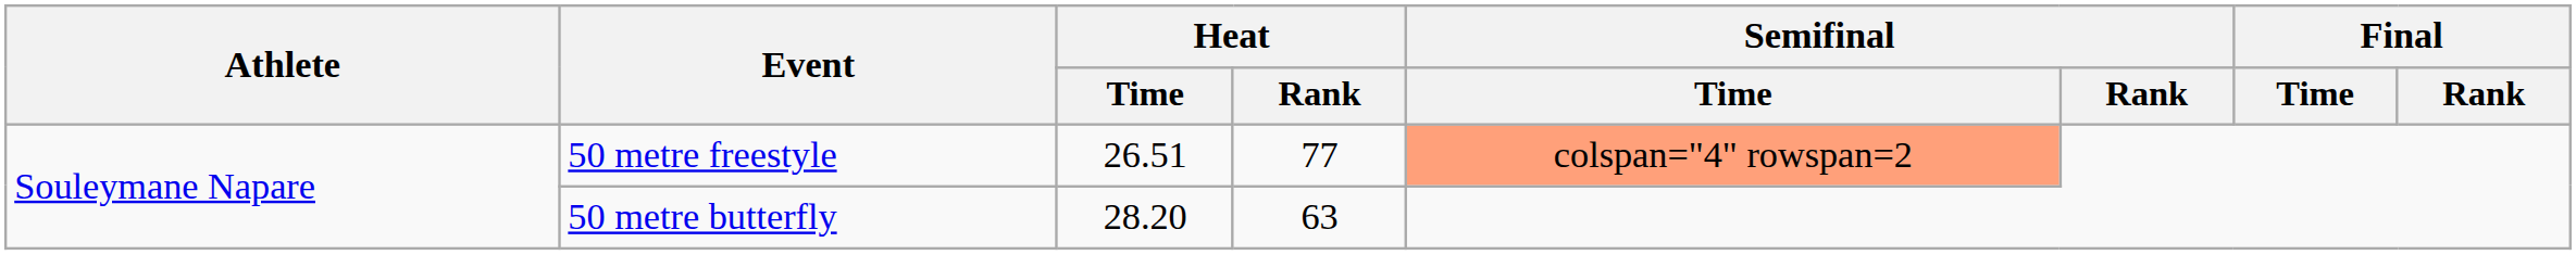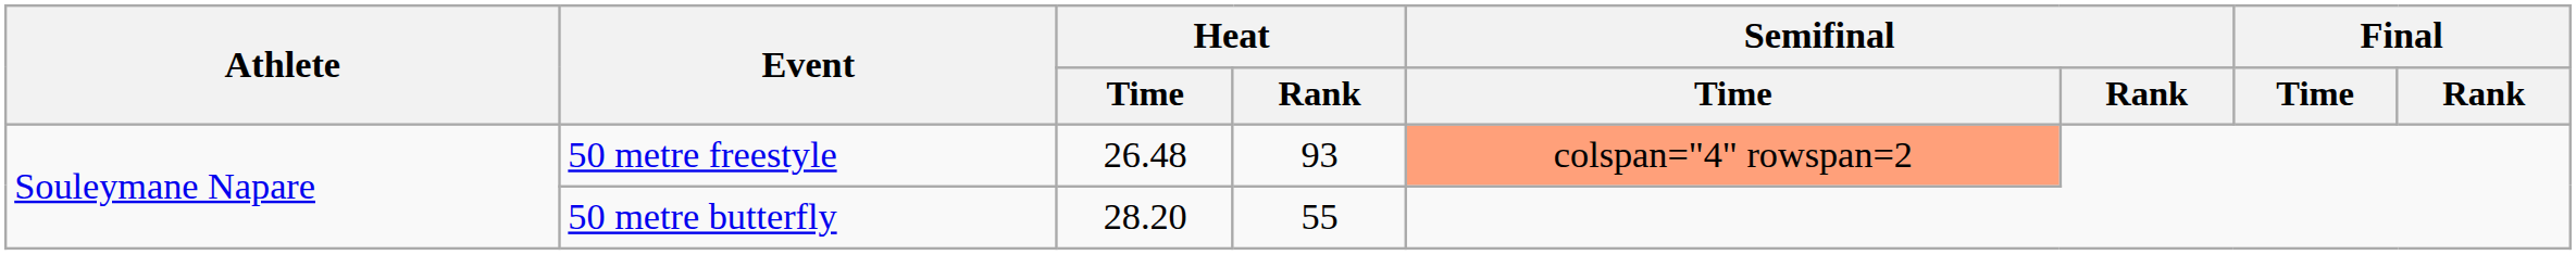 <table class="wikitable" style="text-align:center; font-size:90%; width:50%;">
 <tr>
 <th rowspan="2">Athlete</th>
 <th rowspan="2">Event</th>
 <th colspan="2">Heat</th>
 <th colspan="2">Semifinal</th>
 <th colspan="2">Final</th>
 </tr>
 <tr style="font-size:95%">
 <th>Time</th>
 <th>Rank</th>
 <th>Time</th>
 <th>Rank</th>
 <th>Time</th>
 <th>Rank</th>
 </tr>
 <tr align=center>
 <td align=left rowspan="2"><a href='#'>Souleymane Napare</a></td>
 <td align=left><a href='#'>50 metre freestyle</a></td>
-<td>26.51</td>
-<td>77</td>
+<td>26.48</td>
+<td>93</td>
 <td style="background: lightsalmon;">colspan="4" rowspan=2 </td>
 </tr>
 <tr align=center>
 <td align=left><a href='#'>50 metre butterfly</a></td>
 <td>28.20</td>
-<td>63</td>
+<td>55</td>
 </tr>
 </table>
